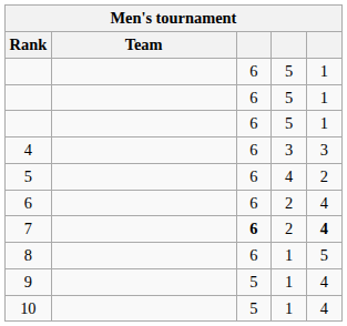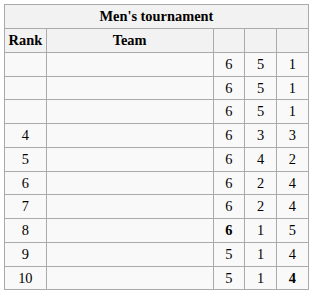 <table class="wikitable" style="text-align: center; font-size:90% ">
 <tr>
 <th colspan=9>Men's tournament</th>
 </tr>
 <tr>
 <th width=35>Rank</th>
 <th width=160>Team</th>
 <th width=25></th>
 <th width=25></th>
 <th width=25></th>
 </tr>
 <tr>
 <td></td>
 <td align=left></td>
 <td>6</td>
 <td>5</td>
 <td>1</td>
 </tr>
 <tr>
 <td></td>
 <td align=left></td>
 <td>6</td>
 <td>5</td>
 <td>1</td>
 </tr>
 <tr>
 <td></td>
 <td align=left></td>
 <td>6</td>
 <td>5</td>
 <td>1</td>
 </tr>
 <tr>
 <td>4</td>
 <td align=left></td>
 <td>6</td>
 <td>3</td>
 <td>3</td>
 </tr>
 <tr>
 <td>5</td>
 <td align=left></td>
 <td>6</td>
 <td>4</td>
 <td>2</td>
 </tr>
 <tr>
 <td>6</td>
 <td align=left></td>
 <td>6</td>
 <td>2</td>
 <td>4</td>
 </tr>
 <tr>
 <td>7</td>
 <td align=left></td>
-<td><strong>6</strong></td>
+<td>6</td>
 <td>2</td>
-<td><strong>4</strong></td>
+<td>4</td>
 </tr>
 <tr>
 <td>8</td>
 <td align=left></td>
-<td>6</td>
+<td><strong>6</strong></td>
 <td>1</td>
 <td>5</td>
 </tr>
 <tr>
 <td>9</td>
 <td align=left></td>
 <td>5</td>
 <td>1</td>
 <td>4</td>
 </tr>
 <tr>
 <td>10</td>
 <td align=left></td>
 <td>5</td>
 <td>1</td>
-<td>4</td>
+<td><strong>4</strong></td>
 </tr>
 </table>
